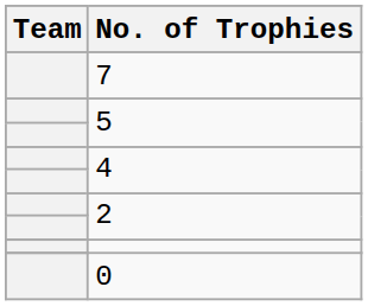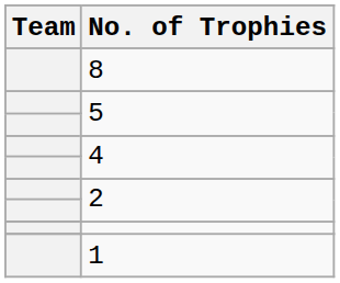 <table class="sortable wikitable">
 <tr>
 <th>Team</th>
 <th>No. of Trophies</th>
 </tr>
 <tr>
 <th scope="row"></th>
-<td>7</td>
+<td>8</td>
 </tr>
 <tr>
 <th scope="row"></th>
 <td rowspan="2">5</td>
 </tr>
 <tr>
 <th scope="row"></th>
 </tr>
 <tr>
 <th scope="row"></th>
 <td rowspan="2">4</td>
 </tr>
 <tr>
 <th scope="row"></th>
 </tr>
 <tr>
 <th scope="row"></th>
 <td rowspan="3">2</td>
 </tr>
 <tr>
 <th scope="row"></th>
 </tr>
 <tr 2>
 </tr>
 <tr>
 <th scope="row"></th>
 </tr>
 <tr 3>
 </tr>
 <tr>
 <th scope="row"></th>
-<td>0</td>
+<td>1</td>
 </tr>
 </table>
